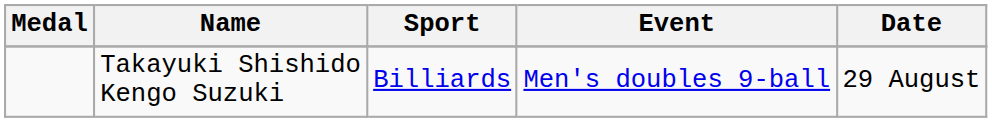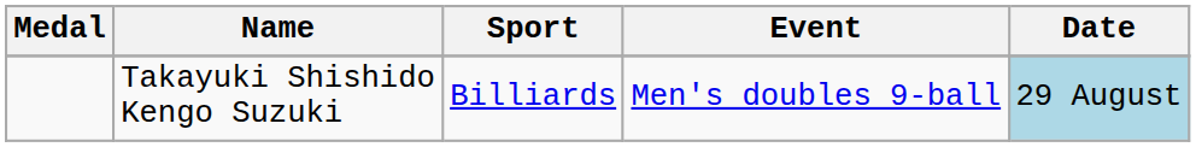 <table class="wikitable sortable" style="font-size: 95%;">
 <tr>
 <th>Medal</th>
 <th>Name</th>
 <th>Sport</th>
 <th>Event</th>
 <th>Date</th>
 </tr>
 <tr Sports>
 </tr>
 <tr>
 <td></td>
 <td>Takayuki Shishido<br>Kengo Suzuki</td>
 <td><a href='#'>Billiards</a></td>
 <td><a href='#'>Men's doubles 9-ball</a></td>
-<td>29 August</td>
+<td style="background: lightblue;">29 August</td>
 </tr>
 </table>
